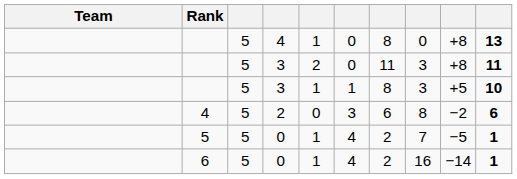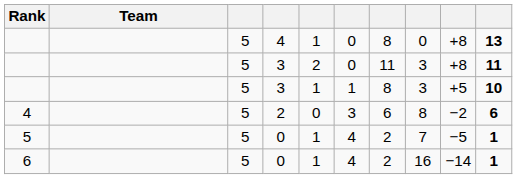 <table class="wikitable" style="text-align: center;">
 <tr>
+<th width=40>Rank</th>
 <th width=180>Team</th>
-<th width=40>Rank</th>
 <th width=30></th>
 <th width=30></th>
 <th width=30></th>
 <th width=30></th>
 <th width=30></th>
 <th width=30></th>
 <th width=30></th>
 <th width=30></th>
 </tr>
 <tr>
+<td></td>
 <td align=left></td>
-<td></td>
 <td>5</td>
 <td>4</td>
 <td>1</td>
 <td>0</td>
 <td>8</td>
 <td>0</td>
 <td>+8</td>
 <td><strong>13</strong></td>
 </tr>
 <tr>
+<td></td>
 <td align=left></td>
-<td></td>
 <td>5</td>
 <td>3</td>
 <td>2</td>
 <td>0</td>
 <td>11</td>
 <td>3</td>
 <td>+8</td>
 <td><strong>11</strong></td>
 </tr>
 <tr>
+<td></td>
 <td align=left></td>
-<td></td>
 <td>5</td>
 <td>3</td>
 <td>1</td>
 <td>1</td>
 <td>8</td>
 <td>3</td>
 <td>+5</td>
 <td><strong>10</strong></td>
 </tr>
 <tr>
+<td>4</td>
 <td align=left></td>
-<td>4</td>
 <td>5</td>
 <td>2</td>
 <td>0</td>
 <td>3</td>
 <td>6</td>
 <td>8</td>
 <td>−2</td>
 <td><strong>6</strong></td>
 </tr>
 <tr>
+<td>5</td>
 <td align=left></td>
-<td>5</td>
 <td>5</td>
 <td>0</td>
 <td>1</td>
 <td>4</td>
 <td>2</td>
 <td>7</td>
 <td>−5</td>
 <td><strong>1</strong></td>
 </tr>
 <tr>
+<td>6</td>
 <td align=left></td>
-<td>6</td>
 <td>5</td>
 <td>0</td>
 <td>1</td>
 <td>4</td>
 <td>2</td>
 <td>16</td>
 <td>−14</td>
 <td><strong>1</strong></td>
 </tr>
 </table>
